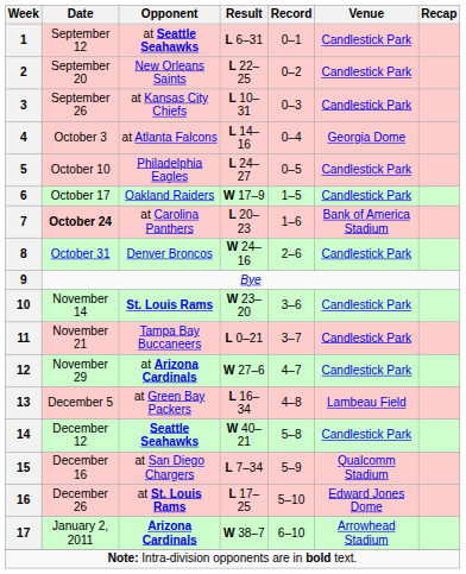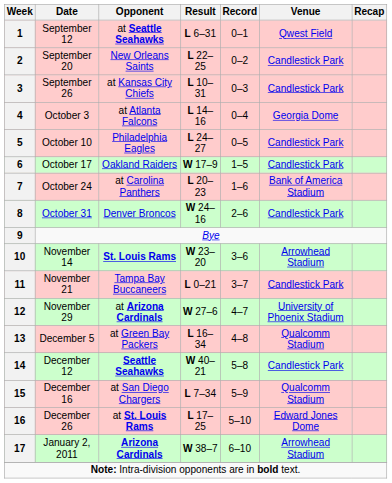 <table class="wikitable" style="text-align:center;">
 <tr>
 <th>Week</th>
 <th>Date</th>
 <th>Opponent</th>
 <th>Result</th>
 <th>Record</th>
 <th>Venue</th>
 <th>Recap</th>
 </tr>
 <tr style="background:#fcc">
 <th>1</th>
 <td>September 12</td>
 <td>at <strong><a href='#'>Seattle Seahawks</a></strong></td>
 <td><strong>L</strong> 6–31</td>
 <td>0–1</td>
-<td><a href='#'>Candlestick Park</a></td>
+<td><a href='#'>Qwest Field</a></td>
 <td></td>
 </tr>
 <tr style="background:#fcc">
 <th>2</th>
 <td>September 20</td>
 <td><a href='#'>New Orleans Saints</a></td>
 <td><strong>L</strong> 22–25</td>
 <td>0–2</td>
 <td><a href='#'>Candlestick Park</a></td>
 <td></td>
 </tr>
 <tr style="background:#fcc">
 <th>3</th>
 <td>September 26</td>
 <td>at <a href='#'>Kansas City Chiefs</a></td>
 <td><strong>L</strong> 10–31</td>
 <td>0–3</td>
 <td><a href='#'>Candlestick Park</a></td>
 <td></td>
 </tr>
 <tr style="background:#fcc">
 <th>4</th>
 <td>October 3</td>
 <td>at <a href='#'>Atlanta Falcons</a></td>
 <td><strong>L</strong> 14–16</td>
 <td>0–4</td>
 <td><a href='#'>Georgia Dome</a></td>
 <td></td>
 </tr>
 <tr style="background:#fcc;">
 <th>5</th>
 <td>October 10</td>
 <td><a href='#'>Philadelphia Eagles</a></td>
 <td><strong>L</strong> 24–27</td>
 <td>0–5</td>
 <td><a href='#'>Candlestick Park</a></td>
 <td></td>
 </tr>
 <tr style="background:#cfc">
 <th>6</th>
 <td>October 17</td>
 <td><a href='#'>Oakland Raiders</a></td>
 <td><strong>W</strong> 17–9</td>
 <td>1–5</td>
 <td><a href='#'>Candlestick Park</a></td>
 <td></td>
 </tr>
 <tr style="background:#fcc">
 <th>7</th>
-<td><strong>October 24</strong></td>
+<td>October 24</td>
 <td>at <a href='#'>Carolina Panthers</a></td>
 <td><strong>L</strong> 20–23</td>
 <td>1–6</td>
 <td><a href='#'>Bank of America Stadium</a></td>
 <td></td>
 </tr>
 <tr style="background:#cfc;">
 <th>8</th>
 <td><a href='#'>October 31</a></td>
 <td><a href='#'>Denver Broncos</a></td>
 <td><strong>W</strong> 24–16</td>
 <td>2–6</td>
 <td><a href='#'>Candlestick Park</a></td>
 <td></td>
 </tr>
 <tr>
 <th>9</th>
 <td colspan="8"><em><a href='#'>Bye</a></em></td>
 </tr>
 <tr style="background:#cfc;">
 <th>10</th>
 <td>November 14</td>
 <td><strong><a href='#'>St. Louis Rams</a></strong></td>
 <td><strong>W</strong> 23–20 </td>
 <td>3–6</td>
-<td><a href='#'>Candlestick Park</a></td>
+<td><a href='#'>Arrowhead Stadium</a></td>
 <td></td>
 </tr>
 <tr style="background:#fcc">
 <th>11</th>
 <td>November 21</td>
 <td><a href='#'>Tampa Bay Buccaneers</a></td>
 <td><strong>L</strong> 0–21</td>
 <td>3–7</td>
 <td><a href='#'>Candlestick Park</a></td>
 <td></td>
 </tr>
 <tr style="background:#cfc">
 <th>12</th>
 <td>November 29</td>
 <td>at <strong><a href='#'>Arizona Cardinals</a></strong></td>
 <td><strong>W</strong> 27–6</td>
 <td>4–7</td>
-<td><a href='#'>Candlestick Park</a></td>
+<td><a href='#'>University of Phoenix Stadium</a></td>
 <td></td>
 </tr>
 <tr style="background:#fcc">
 <th>13</th>
 <td>December 5</td>
 <td>at <a href='#'>Green Bay Packers</a></td>
 <td><strong>L</strong> 16–34</td>
 <td>4–8</td>
-<td><a href='#'>Lambeau Field</a></td>
+<td><a href='#'>Qualcomm Stadium</a></td>
 <td></td>
 </tr>
 <tr style="background:#cfc">
 <th>14</th>
 <td>December 12</td>
 <td><strong><a href='#'>Seattle Seahawks</a></strong></td>
 <td><strong>W</strong> 40–21</td>
 <td>5–8</td>
 <td><a href='#'>Candlestick Park</a></td>
 <td></td>
 </tr>
 <tr style="background:#fcc">
 <th>15</th>
 <td>December 16</td>
 <td>at <a href='#'>San Diego Chargers</a></td>
 <td><strong>L</strong> 7–34</td>
 <td>5–9</td>
 <td><a href='#'>Qualcomm Stadium</a></td>
 <td></td>
 </tr>
 <tr style="background:#fcc">
 <th>16</th>
 <td>December 26</td>
 <td>at <strong><a href='#'>St. Louis Rams</a></strong></td>
 <td><strong>L</strong> 17–25</td>
 <td>5–10</td>
 <td><a href='#'>Edward Jones Dome</a></td>
 <td></td>
 </tr>
 <tr style="background:#cfc">
 <th>17</th>
 <td>January 2, 2011</td>
 <td><strong><a href='#'>Arizona Cardinals</a></strong></td>
 <td><strong>W</strong> 38–7</td>
 <td>6–10</td>
 <td><a href='#'>Arrowhead Stadium</a></td>
 <td></td>
 </tr>
 <tr>
 </tr>
 <tr>
 <td colspan="8"><strong>Note:</strong> Intra-division opponents are in <strong>bold</strong> text.</td>
 </tr>
 </table>
